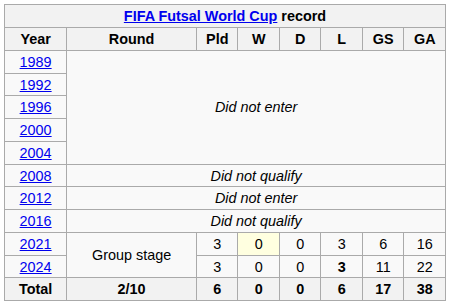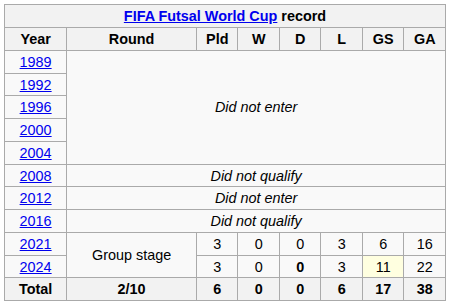 <table class="wikitable" width=50% style="text-align: center;font-size:90%;">
 <tr>
 <th colspan=9><a href='#'>FIFA Futsal World Cup</a> record</th>
 </tr>
 <tr>
 <th width=12%>Year</th>
 <th width=25%>Round</th>
 <th width=8%>Pld</th>
 <th width=8%>W</th>
 <th width=8%>D</th>
 <th width=8%>L</th>
 <th width=8%>GS</th>
 <th width=8%>GA</th>
 </tr>
 <tr>
 <td> <a href='#'>1989</a></td>
 <td rowspan=5 colspan=8><em>Did not enter</em></td>
 </tr>
 <tr>
 <td> <a href='#'>1992</a></td>
 </tr>
 <tr>
 <td> <a href='#'>1996</a></td>
 </tr>
 <tr>
 <td> <a href='#'>2000</a></td>
 </tr>
 <tr>
 <td> <a href='#'>2004</a></td>
 </tr>
 <tr>
 <td> <a href='#'>2008</a></td>
 <td colspan=8><em>Did not qualify</em></td>
 </tr>
 <tr>
 <td> <a href='#'>2012</a></td>
 <td colspan=8><em>Did not enter</em></td>
 </tr>
 <tr>
 <td> <a href='#'>2016</a></td>
 <td colspan=8><em>Did not qualify</em></td>
 </tr>
 <tr>
 <td> <a href='#'>2021</a></td>
 <td rowspan=2>Group stage</td>
 <td>3</td>
-<td style="background: lightyellow;">0</td>
+<td>0</td>
 <td>0</td>
 <td>3</td>
 <td>6</td>
 <td>16</td>
 </tr>
 <tr>
 <td> <a href='#'>2024</a></td>
 <td>3</td>
 <td>0</td>
-<td>0</td>
-<td><strong>3</strong></td>
-<td>11</td>
+<td><strong>0</strong></td>
+<td>3</td>
+<td style="background: lightyellow;">11</td>
 <td>22</td>
 </tr>
 <tr>
 <th><strong>Total</strong></th>
 <th>2/10</th>
 <th>6</th>
 <th>0</th>
 <th>0</th>
 <th>6</th>
 <th>17</th>
 <th>38</th>
 </tr>
 </table>
